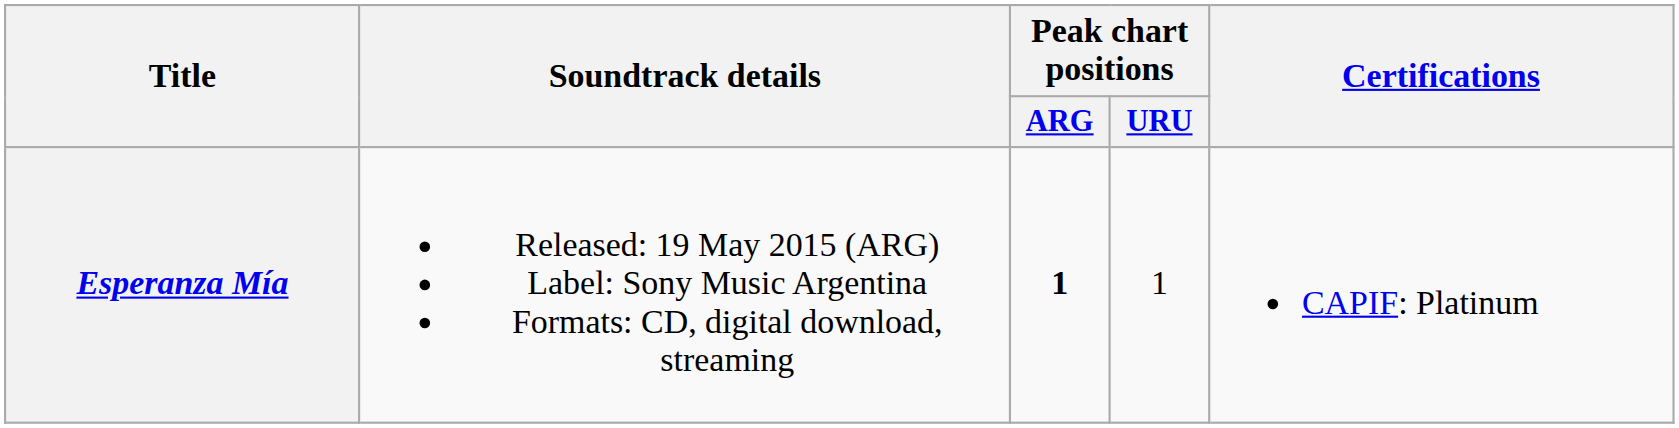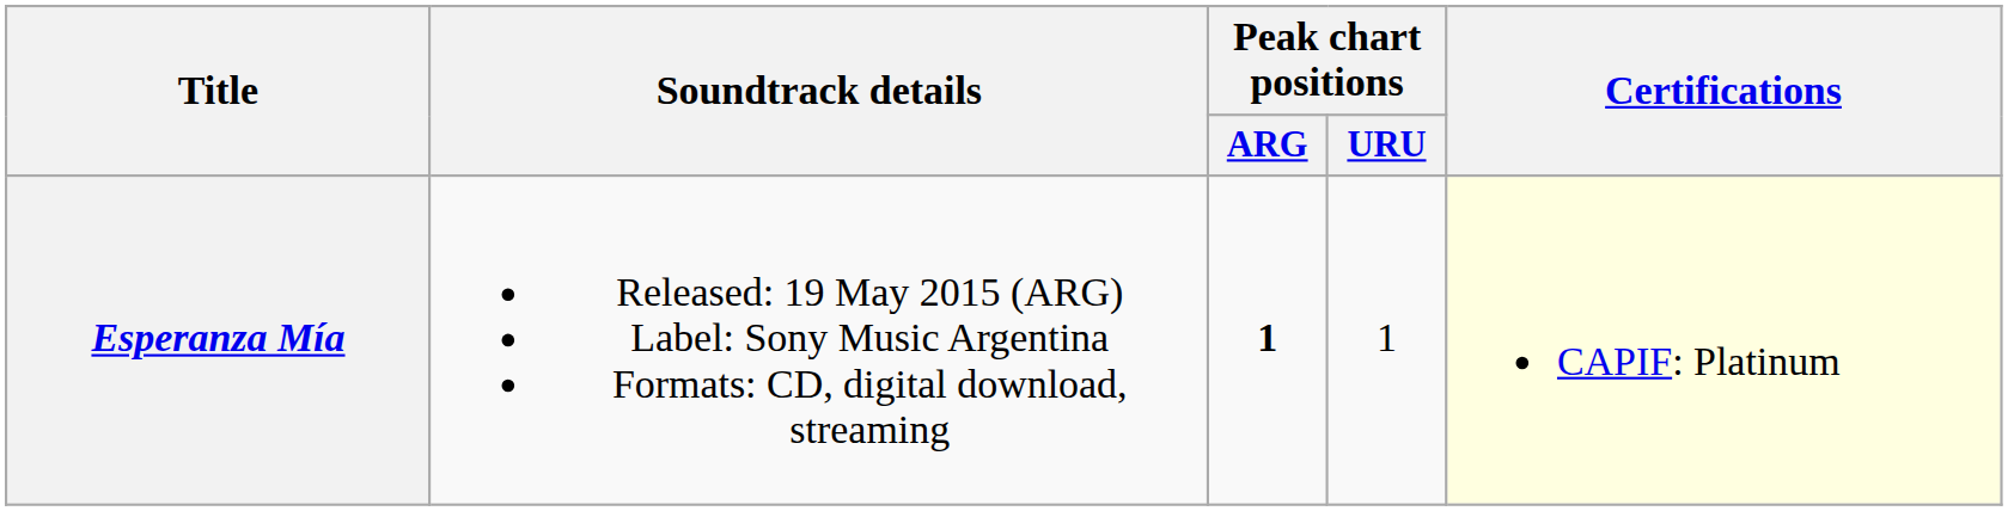 <table class="wikitable plainrowheaders" style="text-align:center;">
 <tr>
 <th scope="col" rowspan="2" style="width:10em;">Title</th>
 <th scope="col" rowspan="2" style="width:18.7em;">Soundtrack details</th>
 <th scope="col" colspan="2">Peak chart positions</th>
 <th scope="col" rowspan="2" style="width:13.2em;"><a href='#'>Certifications</a></th>
 </tr>
 <tr>
 <th scope="col" style="width:2.8em;font-size:90%;"><a href='#'>ARG</a><br></th>
 <th scope="col" style="width:2.8em;font-size:90%;"><a href='#'>URU</a><br></th>
 </tr>
 <tr>
 <th scope="row"><em><a href='#'>Esperanza Mía</a></em></th>
 <td><br><ul><li>Released: 19 May 2015 <span>(ARG)</span></li><li>Label: Sony Music Argentina</li><li>Formats: CD, digital download, streaming</li></ul></td>
 <td><strong>1</strong></td>
 <td>1</td>
-<td align="left"><br><ul><li><a href='#'>CAPIF</a>: Platinum</li></ul></td>
+<td align="left" style="background: lightyellow;"><br><ul><li><a href='#'>CAPIF</a>: Platinum</li></ul></td>
 </tr>
 </table>
